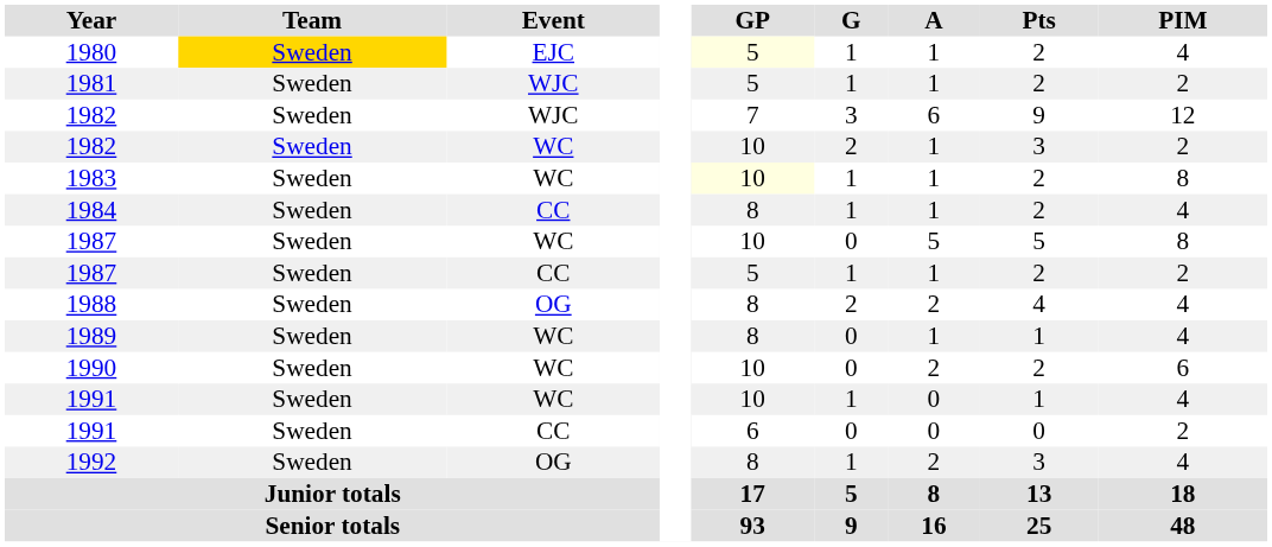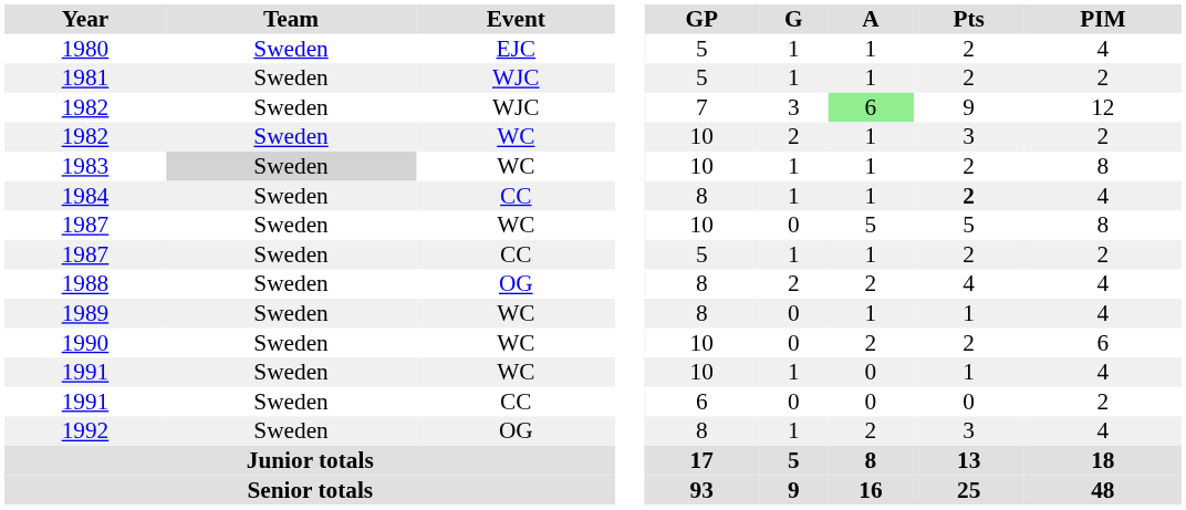 <table border="0" cellpadding="1" cellspacing="0" style="text-align:center; width:50em">
 <tr ALIGN="center" bgcolor="#e0e0e0">
 <th>Year</th>
 <th>Team</th>
 <th>Event</th>
 <th rowspan="99" bgcolor="#ffffff"> </th>
 <th>GP</th>
 <th>G</th>
 <th>A</th>
 <th>Pts</th>
 <th>PIM</th>
 </tr>
 <tr>
 <td><a href='#'>1980</a></td>
-<td style="background: gold;"><a href='#'>Sweden</a></td>
+<td><a href='#'>Sweden</a></td>
 <td><a href='#'>EJC</a></td>
-<td style="background: lightyellow;">5</td>
+<td>5</td>
 <td>1</td>
 <td>1</td>
 <td>2</td>
 <td>4</td>
 </tr>
 <tr bgcolor="#f0f0f0">
 <td><a href='#'>1981</a></td>
 <td>Sweden</td>
 <td><a href='#'>WJC</a></td>
 <td>5</td>
 <td>1</td>
 <td>1</td>
 <td>2</td>
 <td>2</td>
 </tr>
 <tr>
 <td><a href='#'>1982</a></td>
 <td>Sweden</td>
 <td>WJC</td>
 <td>7</td>
 <td>3</td>
-<td>6</td>
+<td style="background: lightgreen;">6</td>
 <td>9</td>
 <td>12</td>
 </tr>
 <tr bgcolor="#f0f0f0">
 <td><a href='#'>1982</a></td>
 <td><a href='#'>Sweden</a></td>
 <td><a href='#'>WC</a></td>
 <td>10</td>
 <td>2</td>
 <td>1</td>
 <td>3</td>
 <td>2</td>
 </tr>
 <tr>
 <td><a href='#'>1983</a></td>
-<td>Sweden</td>
+<td style="background: lightgrey;">Sweden</td>
 <td>WC</td>
-<td style="background: lightyellow;">10</td>
+<td>10</td>
 <td>1</td>
 <td>1</td>
 <td>2</td>
 <td>8</td>
 </tr>
 <tr bgcolor="#f0f0f0">
 <td><a href='#'>1984</a></td>
 <td>Sweden</td>
 <td><a href='#'>CC</a></td>
 <td>8</td>
 <td>1</td>
 <td>1</td>
-<td>2</td>
+<td><strong>2</strong></td>
 <td>4</td>
 </tr>
 <tr>
 <td><a href='#'>1987</a></td>
 <td>Sweden</td>
 <td>WC</td>
 <td>10</td>
 <td>0</td>
 <td>5</td>
 <td>5</td>
 <td>8</td>
 </tr>
 <tr bgcolor="#f0f0f0">
 <td><a href='#'>1987</a></td>
 <td>Sweden</td>
 <td>CC</td>
 <td>5</td>
 <td>1</td>
 <td>1</td>
 <td>2</td>
 <td>2</td>
 </tr>
 <tr>
 <td><a href='#'>1988</a></td>
 <td>Sweden</td>
 <td><a href='#'>OG</a></td>
 <td>8</td>
 <td>2</td>
 <td>2</td>
 <td>4</td>
 <td>4</td>
 </tr>
 <tr bgcolor="#f0f0f0">
 <td><a href='#'>1989</a></td>
 <td>Sweden</td>
 <td>WC</td>
 <td>8</td>
 <td>0</td>
 <td>1</td>
 <td>1</td>
 <td>4</td>
 </tr>
 <tr>
 <td><a href='#'>1990</a></td>
 <td>Sweden</td>
 <td>WC</td>
 <td>10</td>
 <td>0</td>
 <td>2</td>
 <td>2</td>
 <td>6</td>
 </tr>
 <tr bgcolor="#f0f0f0">
 <td><a href='#'>1991</a></td>
 <td>Sweden</td>
 <td>WC</td>
 <td>10</td>
 <td>1</td>
 <td>0</td>
 <td>1</td>
 <td>4</td>
 </tr>
 <tr>
 <td><a href='#'>1991</a></td>
 <td>Sweden</td>
 <td>CC</td>
 <td>6</td>
 <td>0</td>
 <td>0</td>
 <td>0</td>
 <td>2</td>
 </tr>
 <tr bgcolor="#f0f0f0">
 <td><a href='#'>1992</a></td>
 <td>Sweden</td>
 <td>OG</td>
 <td>8</td>
 <td>1</td>
 <td>2</td>
 <td>3</td>
 <td>4</td>
 </tr>
 <tr bgcolor="#e0e0e0">
 <th colspan=3>Junior totals</th>
 <th>17</th>
 <th>5</th>
 <th>8</th>
 <th>13</th>
 <th>18</th>
 </tr>
 <tr bgcolor="#e0e0e0">
 <th colspan=3>Senior totals</th>
 <th>93</th>
 <th>9</th>
 <th>16</th>
 <th>25</th>
 <th>48</th>
 </tr>
 </table>
